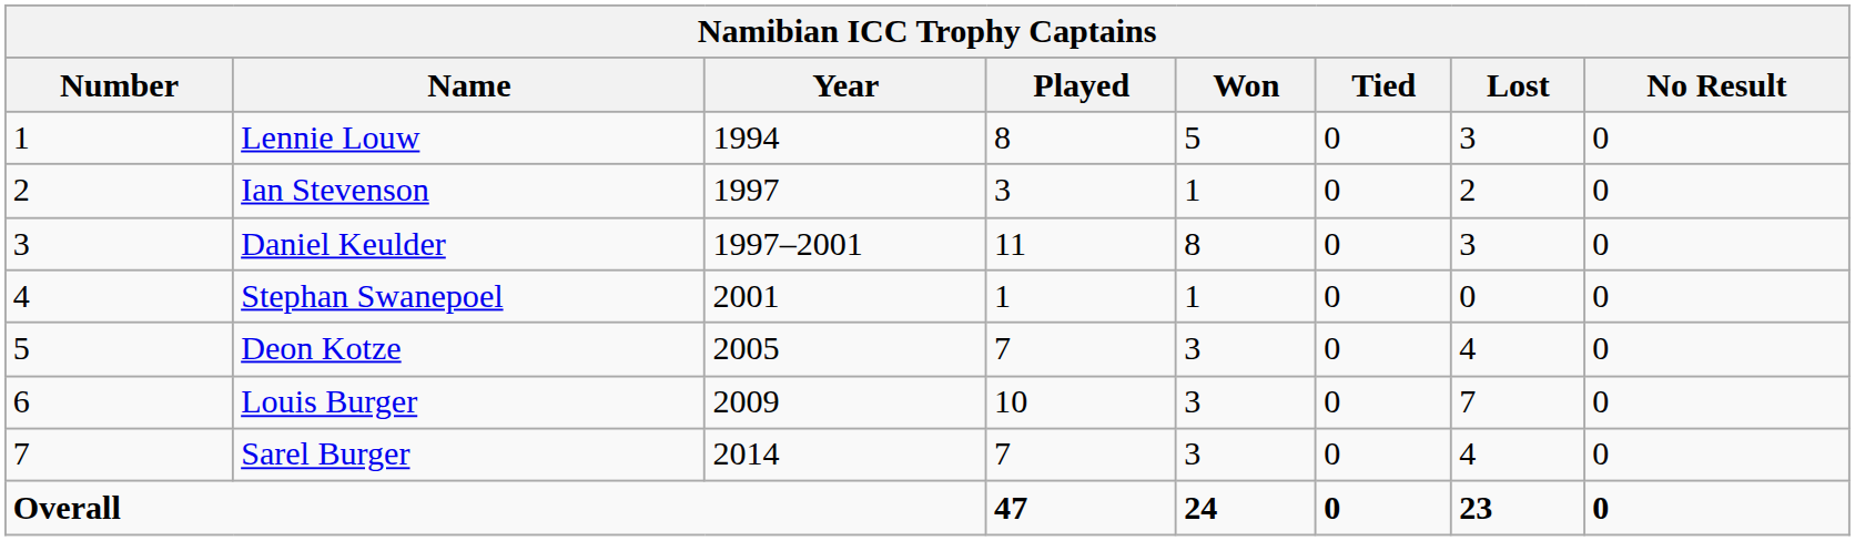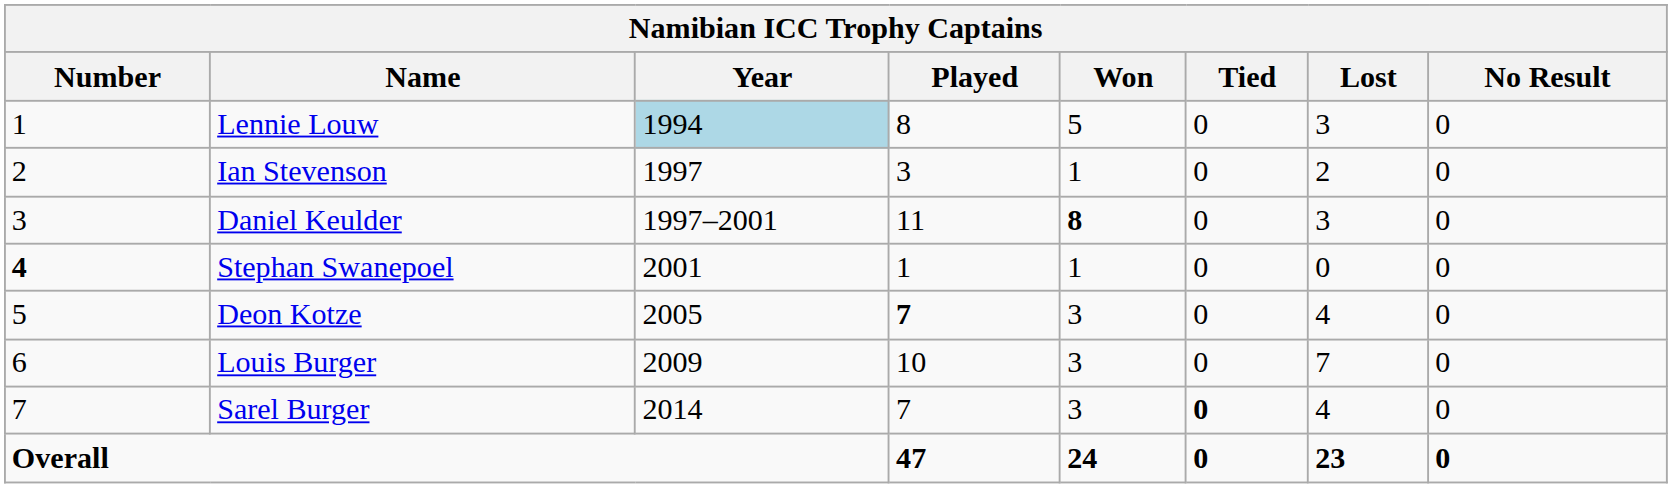 <table class="wikitable" width="70%">
 <tr>
 <th bgcolor="#efefef" colspan=9>Namibian ICC Trophy Captains</th>
 </tr>
 <tr bgcolor="#efefef">
 <th>Number</th>
 <th>Name</th>
 <th>Year</th>
 <th>Played</th>
 <th>Won</th>
 <th>Tied</th>
 <th>Lost</th>
 <th>No Result</th>
 </tr>
 <tr>
 <td>1</td>
 <td><a href='#'>Lennie Louw</a></td>
-<td>1994</td>
+<td style="background: lightblue;">1994</td>
 <td>8</td>
 <td>5</td>
 <td>0</td>
 <td>3</td>
 <td>0</td>
 </tr>
 <tr>
 <td>2</td>
 <td><a href='#'>Ian Stevenson</a></td>
 <td>1997</td>
 <td>3</td>
 <td>1</td>
 <td>0</td>
 <td>2</td>
 <td>0</td>
 </tr>
 <tr>
 <td>3</td>
 <td><a href='#'>Daniel Keulder</a></td>
 <td>1997–2001</td>
 <td>11</td>
-<td>8</td>
+<td><strong>8</strong></td>
 <td>0</td>
 <td>3</td>
 <td>0</td>
 </tr>
 <tr>
-<td>4</td>
+<td><strong>4</strong></td>
 <td><a href='#'>Stephan Swanepoel</a></td>
 <td>2001</td>
 <td>1</td>
 <td>1</td>
 <td>0</td>
 <td>0</td>
 <td>0</td>
 </tr>
 <tr>
 <td>5</td>
 <td><a href='#'>Deon Kotze</a></td>
 <td>2005</td>
-<td>7</td>
+<td><strong>7</strong></td>
 <td>3</td>
 <td>0</td>
 <td>4</td>
 <td>0</td>
 </tr>
 <tr>
 <td>6</td>
 <td><a href='#'>Louis Burger</a></td>
 <td>2009</td>
 <td>10</td>
 <td>3</td>
 <td>0</td>
 <td>7</td>
 <td>0</td>
 </tr>
 <tr>
 <td>7</td>
 <td><a href='#'>Sarel Burger</a></td>
 <td>2014</td>
 <td>7</td>
 <td>3</td>
-<td>0</td>
+<td><strong>0</strong></td>
 <td>4</td>
 <td>0</td>
 </tr>
 <tr>
 <td colspan="3"><strong>Overall</strong></td>
 <td><strong>47</strong></td>
 <td><strong>24</strong></td>
 <td><strong>0</strong></td>
 <td><strong>23</strong></td>
 <td><strong>0</strong></td>
 </tr>
 </table>
